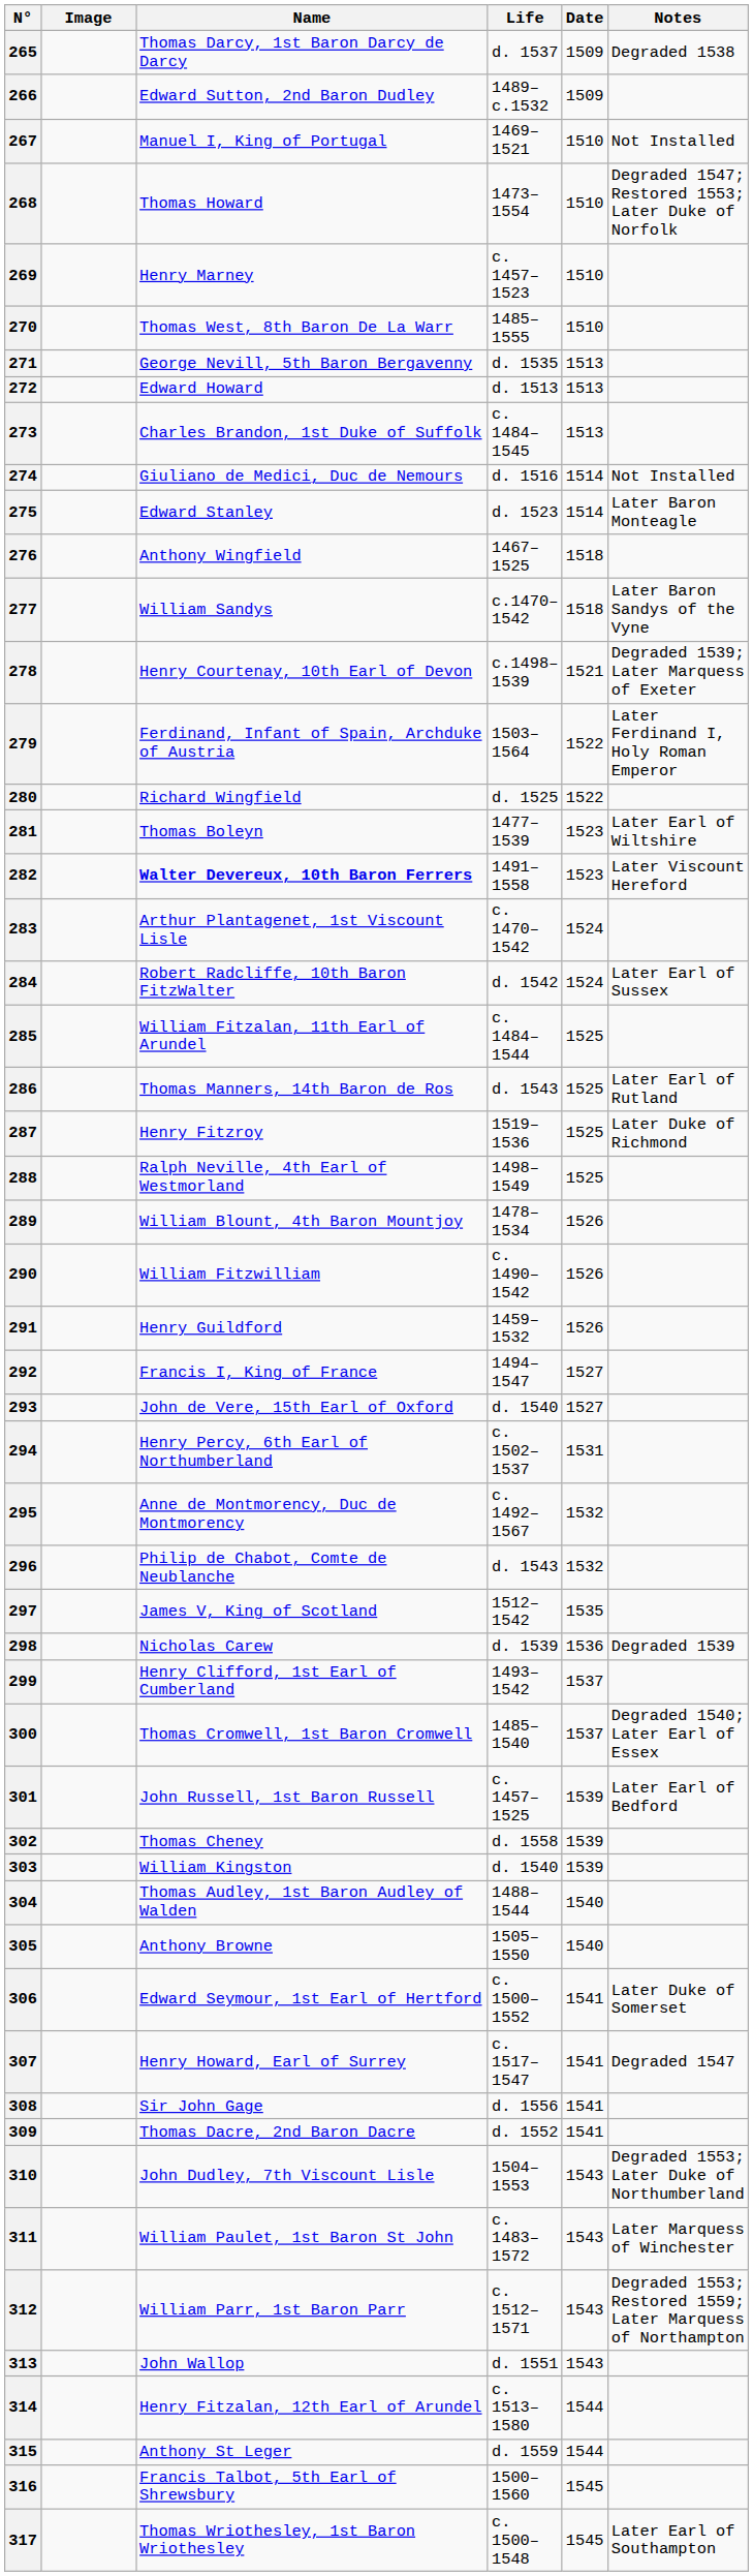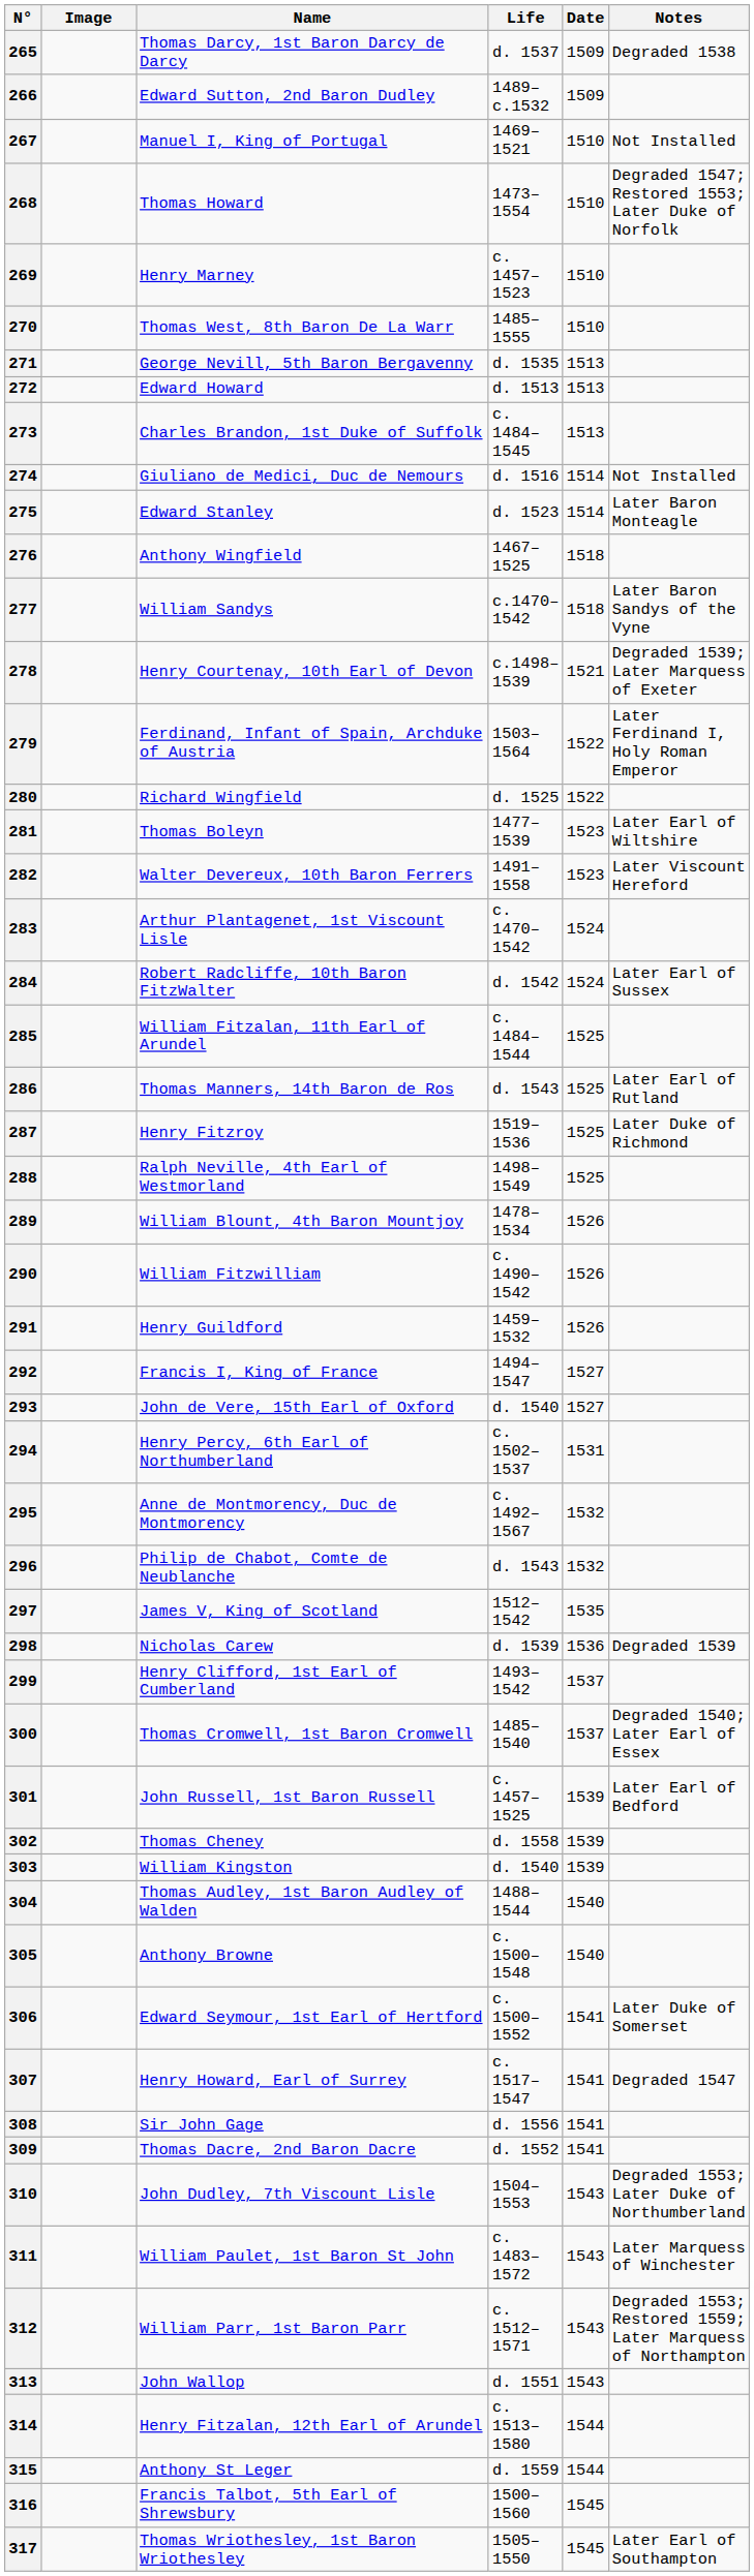 <table class="wikitable">
 <tr>
 <th>N°</th>
 <th style="width: 75px;">Image</th>
 <th style="width: 300px;">Name</th>
 <th>Life</th>
 <th>Date</th>
 <th>Notes</th>
 </tr>
 <tr id="Henry VIII">
 <th>265</th>
 <td></td>
 <td><a href='#'>Thomas Darcy, 1st Baron Darcy de Darcy</a></td>
 <td>d. 1537</td>
 <td>1509</td>
 <td>Degraded 1538</td>
 </tr>
 <tr>
 <th>266</th>
 <td></td>
 <td><a href='#'>Edward Sutton, 2nd Baron Dudley</a></td>
 <td>1489–c.1532</td>
 <td>1509</td>
 <td></td>
 </tr>
 <tr>
 <th>267</th>
 <td></td>
 <td><a href='#'>Manuel I, King of Portugal</a></td>
 <td>1469–1521</td>
 <td>1510</td>
 <td>Not Installed</td>
 </tr>
 <tr>
 <th>268</th>
 <td></td>
 <td><a href='#'>Thomas Howard</a></td>
 <td>1473–1554</td>
 <td>1510</td>
 <td>Degraded 1547; Restored 1553; Later Duke of Norfolk</td>
 </tr>
 <tr>
 <th>269</th>
 <td></td>
 <td><a href='#'>Henry Marney</a></td>
 <td>c. 1457–1523</td>
 <td>1510</td>
 <td></td>
 </tr>
 <tr>
 <th>270</th>
 <td></td>
 <td><a href='#'>Thomas West, 8th Baron De La Warr</a></td>
 <td>1485–1555</td>
 <td>1510</td>
 <td></td>
 </tr>
 <tr>
 <th>271</th>
 <td></td>
 <td><a href='#'>George Nevill, 5th Baron Bergavenny</a></td>
 <td>d. 1535</td>
 <td>1513</td>
 <td></td>
 </tr>
 <tr>
 <th>272</th>
 <td></td>
 <td><a href='#'>Edward Howard</a></td>
 <td>d. 1513</td>
 <td>1513</td>
 <td></td>
 </tr>
 <tr>
 <th>273</th>
 <td></td>
 <td><a href='#'>Charles Brandon, 1st Duke of Suffolk</a></td>
 <td>c. 1484–1545</td>
 <td>1513</td>
 <td></td>
 </tr>
 <tr>
 <th>274</th>
 <td></td>
 <td><a href='#'>Giuliano de Medici, Duc de Nemours</a></td>
 <td>d. 1516</td>
 <td>1514</td>
 <td>Not Installed</td>
 </tr>
 <tr>
 <th>275</th>
 <td></td>
 <td><a href='#'>Edward Stanley</a></td>
 <td>d. 1523</td>
 <td>1514</td>
 <td>Later Baron Monteagle</td>
 </tr>
 <tr>
 <th>276</th>
 <td></td>
 <td><a href='#'>Anthony Wingfield</a></td>
 <td>1467–1525</td>
 <td>1518</td>
 <td></td>
 </tr>
 <tr>
 <th>277</th>
 <td></td>
 <td><a href='#'>William Sandys</a></td>
 <td>c.1470–1542</td>
 <td>1518</td>
 <td>Later Baron Sandys of the Vyne</td>
 </tr>
 <tr>
 <th>278</th>
 <td></td>
 <td><a href='#'>Henry Courtenay, 10th Earl of Devon</a></td>
 <td>c.1498–1539</td>
 <td>1521</td>
 <td>Degraded 1539; Later Marquess of Exeter</td>
 </tr>
 <tr>
 <th>279</th>
 <td></td>
 <td><a href='#'>Ferdinand, Infant of Spain, Archduke of Austria</a></td>
 <td>1503–1564</td>
 <td>1522</td>
 <td>Later Ferdinand I, Holy Roman Emperor</td>
 </tr>
 <tr>
 <th>280</th>
 <td></td>
 <td><a href='#'>Richard Wingfield</a></td>
 <td>d. 1525</td>
 <td>1522</td>
 <td></td>
 </tr>
 <tr>
 <th>281</th>
 <td></td>
 <td><a href='#'>Thomas Boleyn</a></td>
 <td>1477–1539</td>
 <td>1523</td>
 <td>Later Earl of Wiltshire</td>
 </tr>
 <tr>
 <th>282</th>
 <td></td>
-<td><strong><a href='#'>Walter Devereux, 10th Baron Ferrers</a></strong></td>
+<td><a href='#'>Walter Devereux, 10th Baron Ferrers</a></td>
 <td>1491–1558</td>
 <td>1523</td>
 <td>Later Viscount Hereford</td>
 </tr>
 <tr>
 <th>283</th>
 <td></td>
 <td><a href='#'>Arthur Plantagenet, 1st Viscount Lisle</a></td>
 <td>c. 1470–1542</td>
 <td>1524</td>
 <td></td>
 </tr>
 <tr>
 <th>284</th>
 <td></td>
 <td><a href='#'>Robert Radcliffe, 10th Baron FitzWalter</a></td>
 <td>d. 1542</td>
 <td>1524</td>
 <td>Later Earl of Sussex</td>
 </tr>
 <tr>
 <th>285</th>
 <td></td>
 <td><a href='#'>William Fitzalan, 11th Earl of Arundel</a></td>
 <td>c. 1484–1544</td>
 <td>1525</td>
 <td></td>
 </tr>
 <tr>
 <th>286</th>
 <td></td>
 <td><a href='#'>Thomas Manners, 14th Baron de Ros</a></td>
 <td>d. 1543</td>
 <td>1525</td>
 <td>Later Earl of Rutland</td>
 </tr>
 <tr>
 <th>287</th>
 <td></td>
 <td><a href='#'>Henry Fitzroy</a></td>
 <td>1519–1536</td>
 <td>1525</td>
 <td>Later Duke of Richmond</td>
 </tr>
 <tr>
 <th>288</th>
 <td></td>
 <td><a href='#'>Ralph Neville, 4th Earl of Westmorland</a></td>
 <td>1498–1549</td>
 <td>1525</td>
 <td></td>
 </tr>
 <tr>
 <th>289</th>
 <td></td>
 <td><a href='#'>William Blount, 4th Baron Mountjoy</a></td>
 <td>1478–1534</td>
 <td>1526</td>
 <td></td>
 </tr>
 <tr>
 <th>290</th>
 <td></td>
 <td><a href='#'>William Fitzwilliam</a></td>
 <td>c. 1490–1542</td>
 <td>1526</td>
 <td></td>
 </tr>
 <tr>
 <th>291</th>
 <td></td>
 <td><a href='#'>Henry Guildford</a></td>
 <td>1459–1532</td>
 <td>1526</td>
 <td></td>
 </tr>
 <tr>
 <th>292</th>
 <td></td>
 <td><a href='#'>Francis I, King of France</a></td>
 <td>1494–1547</td>
 <td>1527</td>
 <td></td>
 </tr>
 <tr>
 <th>293</th>
 <td></td>
 <td><a href='#'>John de Vere, 15th Earl of Oxford</a></td>
 <td>d. 1540</td>
 <td>1527</td>
 <td></td>
 </tr>
 <tr>
 <th>294</th>
 <td></td>
 <td><a href='#'>Henry Percy, 6th Earl of Northumberland</a></td>
 <td>c. 1502–1537</td>
 <td>1531</td>
 <td></td>
 </tr>
 <tr>
 <th>295</th>
 <td></td>
 <td><a href='#'>Anne de Montmorency, Duc de Montmorency</a></td>
 <td>c. 1492–1567</td>
 <td>1532</td>
 <td></td>
 </tr>
 <tr>
 <th>296</th>
 <td></td>
 <td><a href='#'>Philip de Chabot, Comte de Neublanche</a></td>
 <td>d. 1543</td>
 <td>1532</td>
 <td></td>
 </tr>
 <tr>
 <th>297</th>
 <td></td>
 <td><a href='#'>James V, King of Scotland</a></td>
 <td>1512–1542</td>
 <td>1535</td>
 <td></td>
 </tr>
 <tr>
 <th>298</th>
 <td></td>
 <td><a href='#'>Nicholas Carew</a></td>
 <td>d. 1539</td>
 <td>1536</td>
 <td>Degraded 1539</td>
 </tr>
 <tr>
 <th>299</th>
 <td></td>
 <td><a href='#'>Henry Clifford, 1st Earl of Cumberland</a></td>
 <td>1493–1542</td>
 <td>1537</td>
 <td></td>
 </tr>
 <tr>
 <th>300</th>
 <td></td>
 <td><a href='#'>Thomas Cromwell, 1st Baron Cromwell</a></td>
 <td>1485–1540</td>
 <td>1537</td>
 <td>Degraded 1540; Later Earl of Essex</td>
 </tr>
 <tr>
 <th>301</th>
 <td></td>
 <td><a href='#'>John Russell, 1st Baron Russell</a></td>
 <td>c. 1457–1525</td>
 <td>1539</td>
 <td>Later Earl of Bedford</td>
 </tr>
 <tr>
 <th>302</th>
 <td></td>
 <td><a href='#'>Thomas Cheney</a></td>
 <td>d. 1558</td>
 <td>1539</td>
 <td></td>
 </tr>
 <tr>
 <th>303</th>
 <td></td>
 <td><a href='#'>William Kingston</a></td>
 <td>d. 1540</td>
 <td>1539</td>
 <td></td>
 </tr>
 <tr>
 <th>304</th>
 <td></td>
 <td><a href='#'>Thomas Audley, 1st Baron Audley of Walden</a></td>
 <td>1488–1544</td>
 <td>1540</td>
 <td></td>
 </tr>
 <tr>
 <th>305</th>
 <td></td>
 <td><a href='#'>Anthony Browne</a></td>
-<td>1505–1550</td>
+<td>c. 1500–1548</td>
 <td>1540</td>
 <td></td>
 </tr>
 <tr>
 <th>306</th>
 <td></td>
 <td><a href='#'>Edward Seymour, 1st Earl of Hertford</a></td>
 <td>c. 1500–1552</td>
 <td>1541</td>
 <td>Later Duke of Somerset</td>
 </tr>
 <tr>
 <th>307</th>
 <td></td>
 <td><a href='#'>Henry Howard, Earl of Surrey</a></td>
 <td>c. 1517–1547</td>
 <td>1541</td>
 <td>Degraded 1547</td>
 </tr>
 <tr>
 <th>308</th>
 <td></td>
 <td><a href='#'>Sir John Gage</a></td>
 <td>d. 1556</td>
 <td>1541</td>
 <td></td>
 </tr>
 <tr>
 <th>309</th>
 <td></td>
 <td><a href='#'>Thomas Dacre, 2nd Baron Dacre</a></td>
 <td>d. 1552</td>
 <td>1541</td>
 <td></td>
 </tr>
 <tr>
 <th>310</th>
 <td></td>
 <td><a href='#'>John Dudley, 7th Viscount Lisle</a></td>
 <td>1504–1553</td>
 <td>1543</td>
 <td>Degraded 1553; Later Duke of Northumberland</td>
 </tr>
 <tr>
 <th>311</th>
 <td></td>
 <td><a href='#'>William Paulet, 1st Baron St John</a></td>
 <td>c. 1483–1572</td>
 <td>1543</td>
 <td>Later Marquess of Winchester</td>
 </tr>
 <tr>
 <th>312</th>
 <td></td>
 <td><a href='#'>William Parr, 1st Baron Parr</a></td>
 <td>c. 1512–1571</td>
 <td>1543</td>
 <td>Degraded 1553; Restored 1559; Later Marquess of Northampton</td>
 </tr>
 <tr>
 <th>313</th>
 <td></td>
 <td><a href='#'>John Wallop</a></td>
 <td>d. 1551</td>
 <td>1543</td>
 <td></td>
 </tr>
 <tr>
 <th>314</th>
 <td></td>
 <td><a href='#'>Henry Fitzalan, 12th Earl of Arundel</a></td>
 <td>c. 1513–1580</td>
 <td>1544</td>
 <td></td>
 </tr>
 <tr>
 <th>315</th>
 <td></td>
 <td><a href='#'>Anthony St Leger</a></td>
 <td>d. 1559</td>
 <td>1544</td>
 <td></td>
 </tr>
 <tr>
 <th>316</th>
 <td></td>
 <td><a href='#'>Francis Talbot, 5th Earl of Shrewsbury</a></td>
 <td>1500–1560</td>
 <td>1545</td>
 <td></td>
 </tr>
 <tr>
 <th>317</th>
 <td></td>
 <td><a href='#'>Thomas Wriothesley, 1st Baron Wriothesley</a></td>
-<td>c. 1500–1548</td>
+<td>1505–1550</td>
 <td>1545</td>
 <td>Later Earl of Southampton</td>
 </tr>
 </table>
